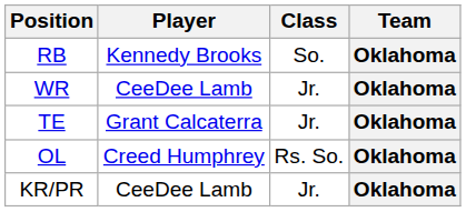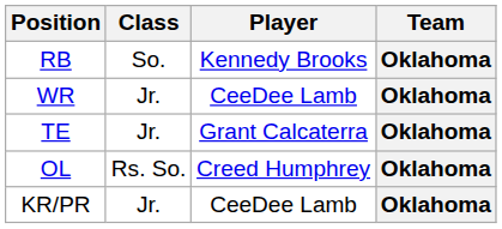 <table class="wikitable sortable" border="1">
 <tr>
 <th>Position</th>
+<th>Class</th>
 <th>Player</th>
-<th>Class</th>
 <th>Team</th>
 </tr>
 <tr>
 <td style="text-align:center; background:white"><a href='#'>RB</a></td>
+<td style="text-align:center; background:white">So.</td>
 <td style="text-align:center; background:white"><a href='#'>Kennedy Brooks</a></td>
-<td style="text-align:center; background:white">So.</td>
 <th>Oklahoma</th>
 </tr>
 <tr>
 <td style="text-align:center; background:white"><a href='#'>WR</a></td>
+<td style="text-align:center; background:white">Jr.</td>
 <td style="text-align:center; background:white"><a href='#'>CeeDee Lamb</a></td>
-<td style="text-align:center; background:white">Jr.</td>
 <th>Oklahoma</th>
 </tr>
 <tr>
 <td style="text-align:center; background:white"><a href='#'>TE</a></td>
+<td style="text-align:center; background:white">Jr.</td>
 <td style="text-align:center; background:white"><a href='#'>Grant Calcaterra</a></td>
-<td style="text-align:center; background:white">Jr.</td>
 <th>Oklahoma</th>
 </tr>
 <tr>
 <td style="text-align:center; background:white"><a href='#'>OL</a></td>
+<td style="text-align:center; background:white">Rs. So.</td>
 <td style="text-align:center; background:white"><a href='#'>Creed Humphrey</a></td>
-<td style="text-align:center; background:white">Rs. So.</td>
 <th>Oklahoma</th>
 </tr>
 <tr>
 <td style="text-align:center; background:white">KR/PR</td>
+<td style="text-align:center; background:white">Jr.</td>
 <td style="text-align:center; background:white">CeeDee Lamb</td>
-<td style="text-align:center; background:white">Jr.</td>
 <th>Oklahoma</th>
 </tr>
 </table>
